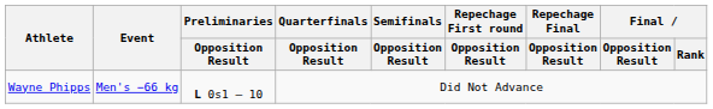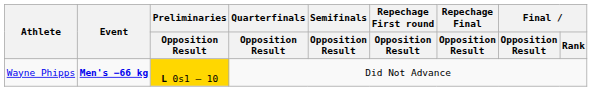 <table class="wikitable" style="font-size:90%">
 <tr>
 <th rowspan="2">Athlete</th>
 <th rowspan="2">Event</th>
 <th>Preliminaries</th>
 <th>Quarterfinals</th>
 <th>Semifinals</th>
 <th>Repechage<br>First round</th>
 <th>Repechage<br>Final</th>
 <th colspan="2">Final / </th>
 </tr>
 <tr>
 <th>Opposition<br>Result</th>
 <th>Opposition<br>Result</th>
 <th>Opposition<br>Result</th>
 <th>Opposition<br>Result</th>
 <th>Opposition<br>Result</th>
 <th>Opposition<br>Result</th>
 <th>Rank</th>
 </tr>
 <tr align=center>
 <td align=left><a href='#'>Wayne Phipps</a></td>
-<td align=left><a href='#'>Men's −66 kg</a></td>
-<td><br><strong>L</strong> 0s1 – 10</td>
+<td align=left><strong><a href='#'>Men's −66 kg</a></strong></td>
+<td style="background: gold;"><br><strong>L</strong> 0s1 – 10</td>
 <td colspan="6">Did Not Advance</td>
 </tr>
 </table>
